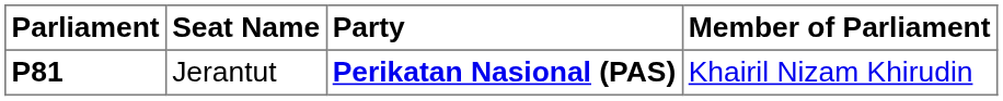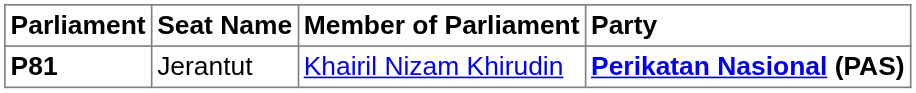 <table class="toccolours sortable" border="1" cellpadding="3" style="border-collapse:collapse; text-align: left;">
 <tr>
 <th align="center">Parliament</th>
 <th>Seat Name</th>
+<th>Member of Parliament</th>
 <th>Party</th>
-<th>Member of Parliament</th>
 </tr>
 <tr>
 <th align="left">P81</th>
 <td>Jerantut</td>
+<td><a href='#'>Khairil Nizam Khirudin</a></td>
 <td><strong><a href='#'>Perikatan Nasional</a> (PAS)</strong></td>
-<td><a href='#'>Khairil Nizam Khirudin</a></td>
 </tr>
 </table>
